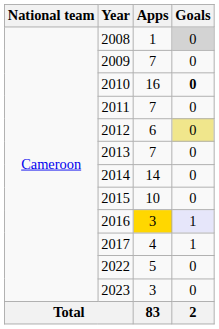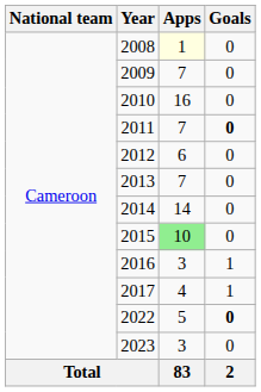 <table class="wikitable" style="text-align: center;">
 <tr>
 <th>National team</th>
 <th>Year</th>
 <th>Apps</th>
 <th>Goals</th>
 </tr>
 <tr>
 <td rowspan="12"><a href='#'>Cameroon</a></td>
 <td>2008</td>
-<td>1</td>
-<td style="background: lightgrey;">0</td>
+<td style="background: lightyellow;">1</td>
+<td>0</td>
 </tr>
 <tr>
 <td>2009</td>
 <td>7</td>
 <td>0</td>
 </tr>
 <tr>
 <td>2010</td>
 <td>16</td>
-<td><strong>0</strong></td>
+<td>0</td>
 </tr>
 <tr>
 <td>2011</td>
 <td>7</td>
-<td>0</td>
+<td><strong>0</strong></td>
 </tr>
 <tr>
 <td>2012</td>
 <td>6</td>
-<td style="background: khaki;">0</td>
+<td>0</td>
 </tr>
 <tr>
 <td>2013</td>
 <td>7</td>
 <td>0</td>
 </tr>
 <tr>
 <td>2014</td>
 <td>14</td>
 <td>0</td>
 </tr>
 <tr>
 <td>2015</td>
-<td>10</td>
+<td style="background: lightgreen;">10</td>
 <td>0</td>
 </tr>
 <tr>
 <td>2016</td>
-<td style="background: gold;">3</td>
-<td style="background: lavender;">1</td>
+<td>3</td>
+<td>1</td>
 </tr>
 <tr>
 <td>2017</td>
 <td>4</td>
 <td>1</td>
 </tr>
 <tr>
 <td>2022</td>
 <td>5</td>
-<td>0</td>
+<td><strong>0</strong></td>
 </tr>
 <tr>
 <td>2023</td>
 <td>3</td>
 <td>0</td>
 </tr>
 <tr>
 <th colspan="2">Total</th>
 <th>83</th>
 <th>2</th>
 </tr>
 </table>
